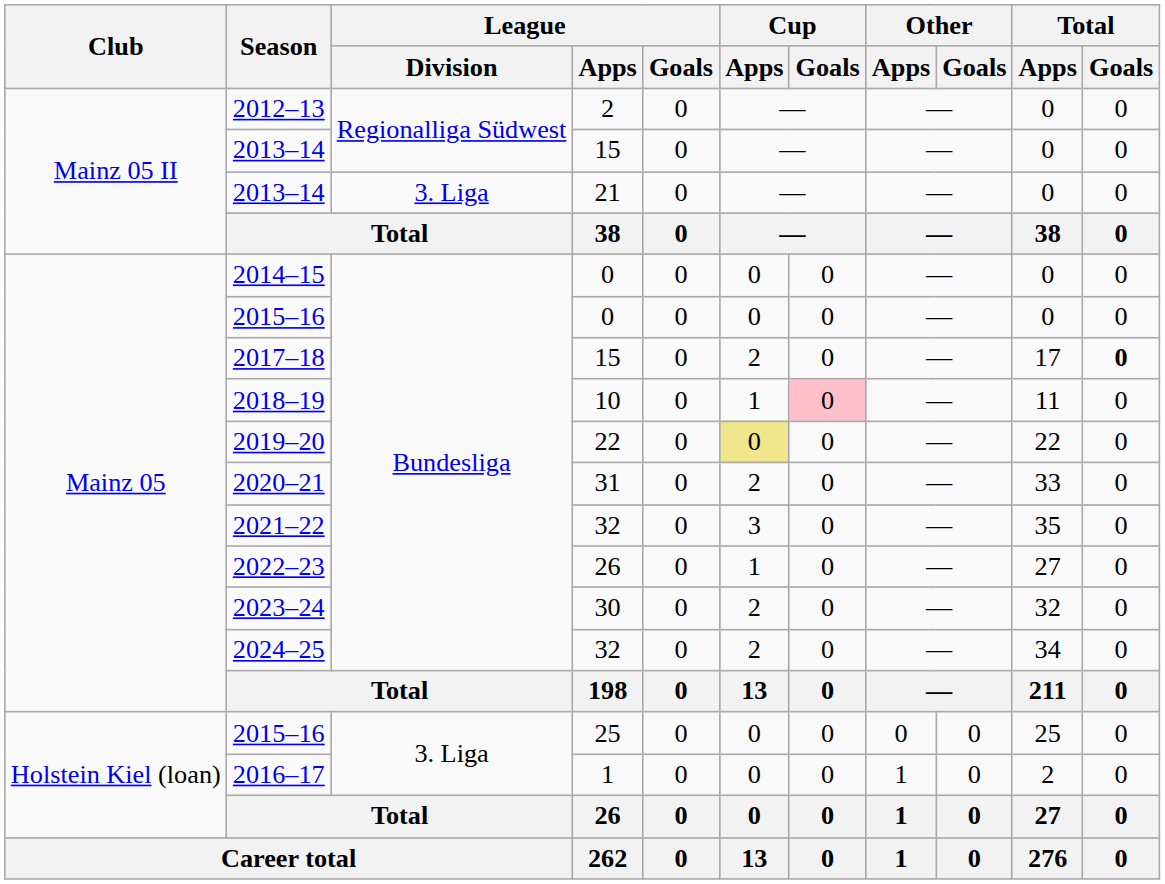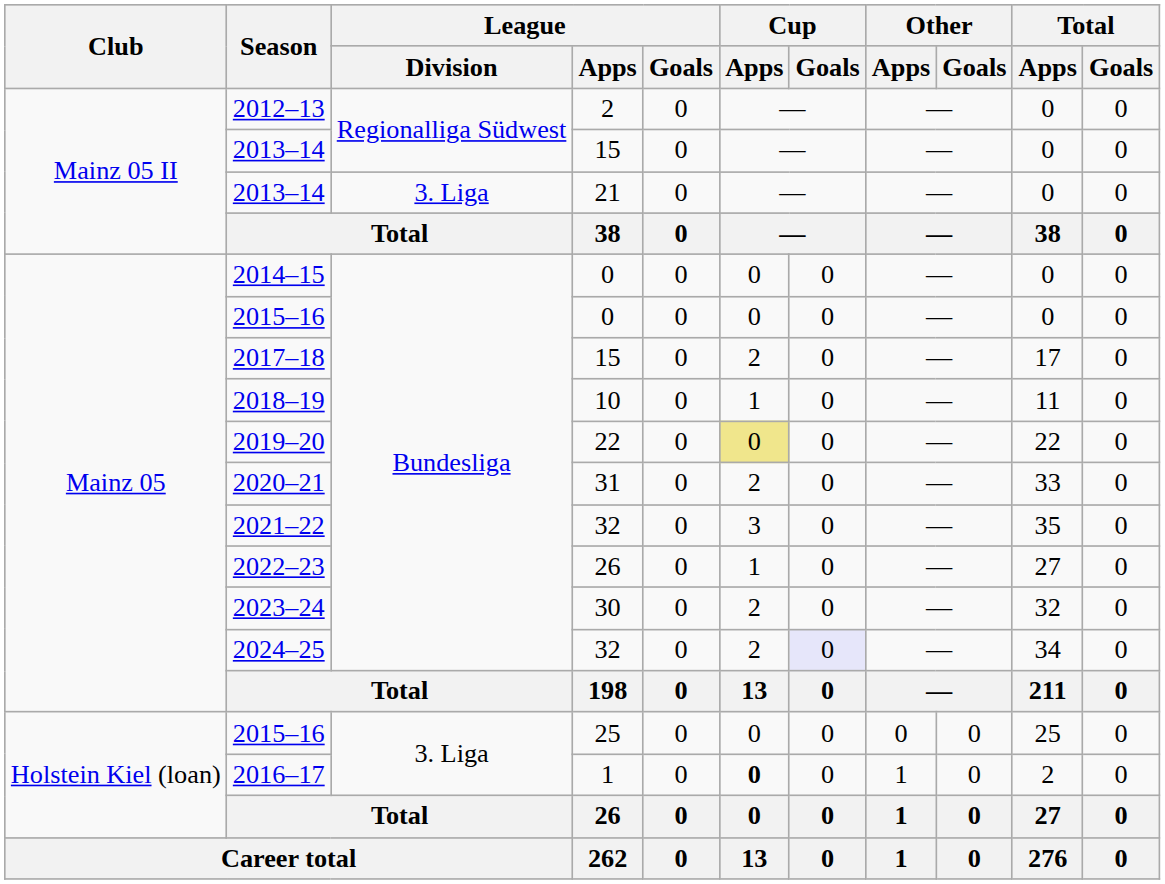 <table class="wikitable" style="text-align: center;">
 <tr>
 <th rowspan="2">Club</th>
 <th rowspan="2">Season</th>
 <th colspan="3">League</th>
 <th colspan="2">Cup</th>
 <th colspan="2">Other</th>
 <th colspan="2">Total</th>
 </tr>
 <tr>
 <th>Division</th>
 <th>Apps</th>
 <th>Goals</th>
 <th>Apps</th>
 <th>Goals</th>
 <th>Apps</th>
 <th>Goals</th>
 <th>Apps</th>
 <th>Goals</th>
 </tr>
 <tr>
 <td rowspan="4"><a href='#'>Mainz 05 II</a></td>
 <td><a href='#'>2012–13</a></td>
 <td rowspan="2"><a href='#'>Regionalliga Südwest</a></td>
 <td>2</td>
 <td>0</td>
 <td colspan="2">—</td>
 <td colspan="2">—</td>
 <td>0</td>
 <td>0</td>
 </tr>
 <tr>
 <td><a href='#'>2013–14</a></td>
 <td>15</td>
 <td>0</td>
 <td colspan="2">—</td>
 <td colspan="2">—</td>
 <td>0</td>
 <td>0</td>
 </tr>
 <tr>
 <td><a href='#'>2013–14</a></td>
 <td><a href='#'>3. Liga</a></td>
 <td>21</td>
 <td>0</td>
 <td colspan="2">—</td>
 <td colspan="2">—</td>
 <td>0</td>
 <td>0</td>
 </tr>
 <tr>
 <th colspan="2">Total</th>
 <th>38</th>
 <th>0</th>
 <th colspan="2">—</th>
 <th colspan="2">—</th>
 <th>38</th>
 <th>0</th>
 </tr>
 <tr>
 <td rowspan="11"><a href='#'>Mainz 05</a></td>
 <td><a href='#'>2014–15</a></td>
 <td rowspan="10"><a href='#'>Bundesliga</a></td>
 <td>0</td>
 <td>0</td>
 <td>0</td>
 <td>0</td>
 <td colspan="2">—</td>
 <td>0</td>
 <td>0</td>
 </tr>
 <tr>
 <td><a href='#'>2015–16</a></td>
 <td>0</td>
 <td>0</td>
 <td>0</td>
 <td>0</td>
 <td colspan="2">—</td>
 <td>0</td>
 <td>0</td>
 </tr>
 <tr>
 <td><a href='#'>2017–18</a></td>
 <td>15</td>
 <td>0</td>
 <td>2</td>
 <td>0</td>
 <td colspan="2">—</td>
 <td>17</td>
-<td><strong>0</strong></td>
+<td>0</td>
 </tr>
 <tr>
 <td><a href='#'>2018–19</a></td>
 <td>10</td>
 <td>0</td>
 <td>1</td>
-<td style="background: pink;">0</td>
+<td>0</td>
 <td colspan="2">—</td>
 <td>11</td>
 <td>0</td>
 </tr>
 <tr>
 <td><a href='#'>2019–20</a></td>
 <td>22</td>
 <td>0</td>
 <td style="background: khaki;">0</td>
 <td>0</td>
 <td colspan="2">—</td>
 <td>22</td>
 <td>0</td>
 </tr>
 <tr>
 <td><a href='#'>2020–21</a></td>
 <td>31</td>
 <td>0</td>
 <td>2</td>
 <td>0</td>
 <td colspan="2">—</td>
 <td>33</td>
 <td>0</td>
 </tr>
 <tr>
 <td><a href='#'>2021–22</a></td>
 <td>32</td>
 <td>0</td>
 <td>3</td>
 <td>0</td>
 <td colspan="2">—</td>
 <td>35</td>
 <td>0</td>
 </tr>
 <tr>
 <td><a href='#'>2022–23</a></td>
 <td>26</td>
 <td>0</td>
 <td>1</td>
 <td>0</td>
 <td colspan="2">—</td>
 <td>27</td>
 <td>0</td>
 </tr>
 <tr>
 <td><a href='#'>2023–24</a></td>
 <td>30</td>
 <td>0</td>
 <td>2</td>
 <td>0</td>
 <td colspan="2">—</td>
 <td>32</td>
 <td>0</td>
 </tr>
 <tr>
 <td><a href='#'>2024–25</a></td>
 <td>32</td>
 <td>0</td>
 <td>2</td>
-<td>0</td>
+<td style="background: lavender;">0</td>
 <td colspan="2">—</td>
 <td>34</td>
 <td>0</td>
 </tr>
 <tr>
 <th colspan="2">Total</th>
 <th>198</th>
 <th>0</th>
 <th>13</th>
 <th>0</th>
 <th colspan="2">—</th>
 <th>211</th>
 <th>0</th>
 </tr>
 <tr>
 <td rowspan="3"><a href='#'>Holstein Kiel</a> (loan)</td>
 <td><a href='#'>2015–16</a></td>
 <td rowspan="2">3. Liga</td>
 <td>25</td>
 <td>0</td>
 <td>0</td>
 <td>0</td>
 <td>0</td>
 <td>0</td>
 <td>25</td>
 <td>0</td>
 </tr>
 <tr>
 <td><a href='#'>2016–17</a></td>
 <td>1</td>
 <td>0</td>
-<td>0</td>
+<td><strong>0</strong></td>
 <td>0</td>
 <td>1</td>
 <td>0</td>
 <td>2</td>
 <td>0</td>
 </tr>
 <tr>
 <th colspan="2">Total</th>
 <th>26</th>
 <th>0</th>
 <th>0</th>
 <th>0</th>
 <th>1</th>
 <th>0</th>
 <th>27</th>
 <th>0</th>
 </tr>
 <tr>
 <th colspan="3">Career total</th>
 <th>262</th>
 <th>0</th>
 <th>13</th>
 <th>0</th>
 <th>1</th>
 <th>0</th>
 <th>276</th>
 <th>0</th>
 </tr>
 </table>
